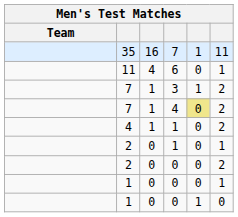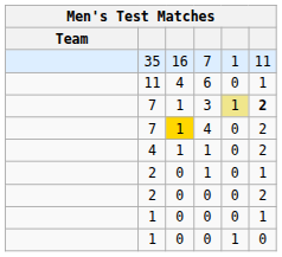 <table class="wikitable" style="text-align:center">
 <tr>
 <th colspan=6>Men's Test Matches</th>
 </tr>
 <tr>
 <th width=120>Team</th>
 <th width=20></th>
 <th width=20></th>
 <th width=20></th>
 <th width=20></th>
 <th width=20></th>
 </tr>
 <tr bgcolor="#ddeeff">
 <td align="left"></td>
 <td>35</td>
 <td>16</td>
 <td>7</td>
 <td>1</td>
 <td>11</td>
 </tr>
 <tr>
 <td align="left"></td>
 <td>11</td>
 <td>4</td>
 <td>6</td>
 <td>0</td>
 <td>1</td>
 </tr>
 <tr>
 <td align="left"></td>
 <td>7</td>
 <td>1</td>
 <td>3</td>
-<td>1</td>
-<td>2</td>
+<td style="background: khaki;">1</td>
+<td><strong>2</strong></td>
 </tr>
 <tr>
 <td align="left"></td>
 <td>7</td>
-<td>1</td>
+<td style="background: gold;">1</td>
 <td>4</td>
-<td style="background: khaki;">0</td>
+<td>0</td>
 <td>2</td>
 </tr>
 <tr>
 <td align="left"></td>
 <td>4</td>
 <td>1</td>
 <td>1</td>
 <td>0</td>
 <td>2</td>
 </tr>
 <tr>
 <td align="left"></td>
 <td>2</td>
 <td>0</td>
 <td>1</td>
 <td>0</td>
 <td>1</td>
 </tr>
 <tr>
 <td align="left"></td>
 <td>2</td>
 <td>0</td>
 <td>0</td>
 <td>0</td>
 <td>2</td>
 </tr>
 <tr>
 <td align="left"></td>
 <td>1</td>
 <td>0</td>
 <td>0</td>
 <td>0</td>
 <td>1</td>
 </tr>
 <tr>
 <td align="left"></td>
 <td>1</td>
 <td>0</td>
 <td>0</td>
 <td>1</td>
 <td>0</td>
 </tr>
 </table>
